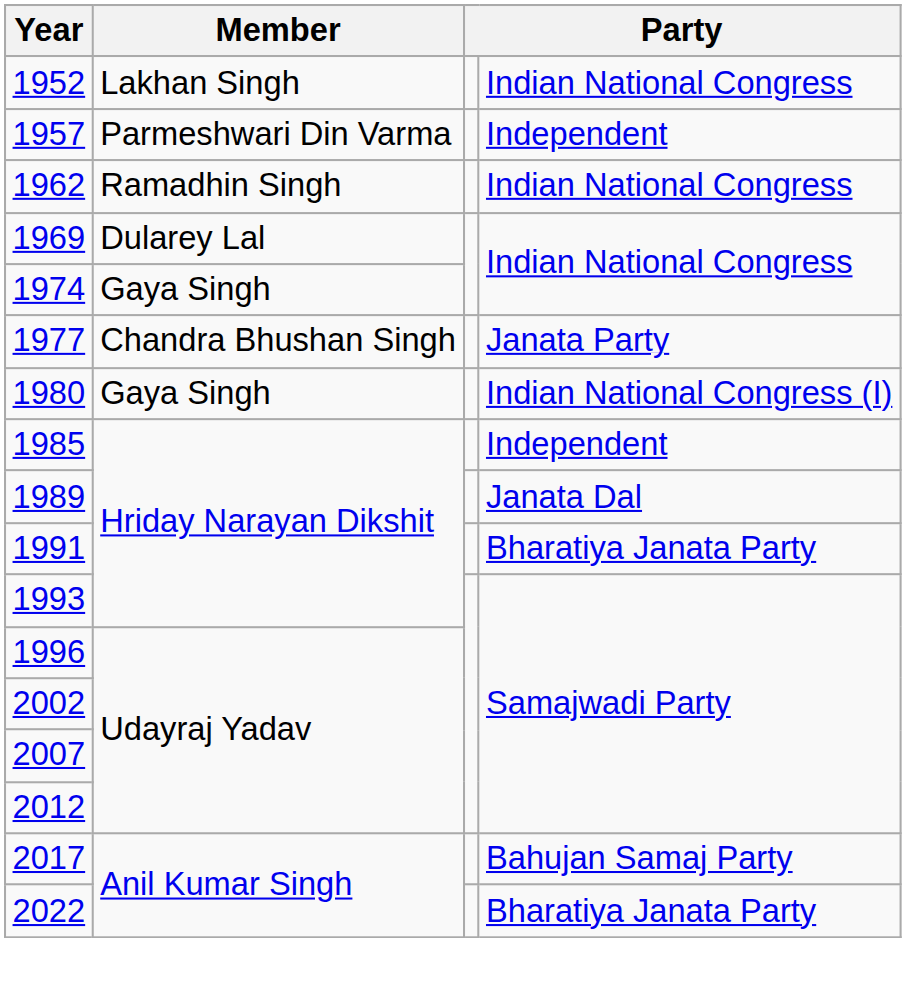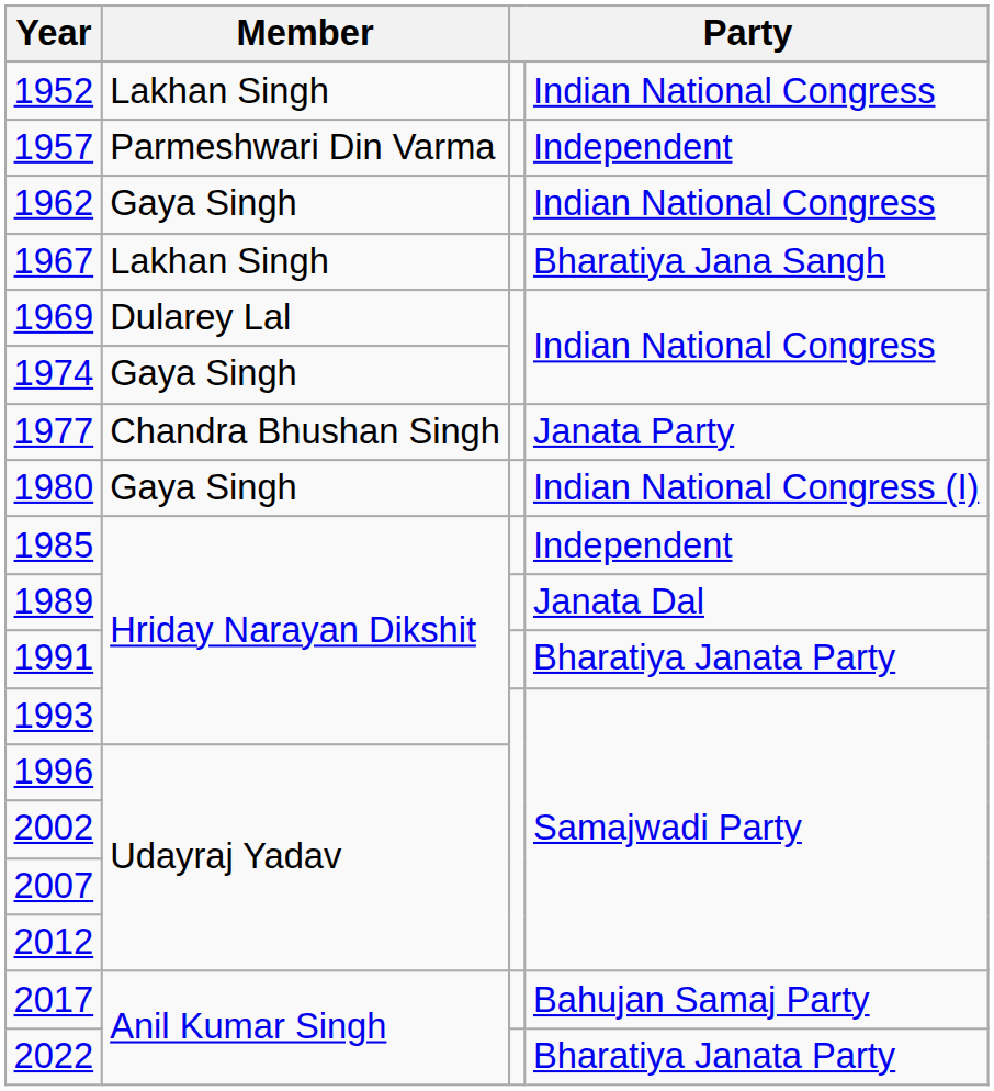 <table class="wikitable">
 <tr>
 <th>Year</th>
 <th>Member</th>
 <th colspan="2">Party</th>
 </tr>
 <tr>
 <td><a href='#'>1952</a></td>
 <td>Lakhan Singh</td>
 <td style="background-color: "></td>
 <td><a href='#'>Indian National Congress</a></td>
 </tr>
 <tr>
 <td><a href='#'>1957</a></td>
 <td>Parmeshwari Din Varma</td>
 <td style="background-color: "></td>
 <td><a href='#'>Independent</a></td>
 </tr>
 <tr>
 <td><a href='#'>1962</a></td>
-<td>Ramadhin Singh</td>
+<td>Gaya Singh</td>
 <td style="background-color: "></td>
 <td><a href='#'>Indian National Congress</a></td>
+</tr>
+<tr>
+<td><a href='#'>1967</a></td>
+<td>Lakhan Singh</td>
+<td style="background-color: "></td>
+<td><a href='#'>Bharatiya Jana Sangh</a></td>
 </tr>
 <tr>
 <td><a href='#'>1969</a></td>
 <td>Dularey Lal</td>
 <td rowspan="2" style="background-color: "></td>
 <td rowspan="2"><a href='#'>Indian National Congress</a></td>
 </tr>
 <tr>
 <td><a href='#'>1974</a></td>
 <td>Gaya Singh</td>
 </tr>
 <tr>
 <td><a href='#'>1977</a></td>
 <td>Chandra Bhushan Singh</td>
 <td style="background-color: "></td>
 <td><a href='#'>Janata Party</a></td>
 </tr>
 <tr>
 <td><a href='#'>1980</a></td>
 <td>Gaya Singh</td>
 <td style="background-color: "></td>
 <td><a href='#'>Indian National Congress (I)</a></td>
 </tr>
 <tr>
 <td><a href='#'>1985</a></td>
 <td rowspan="4"><a href='#'>Hriday Narayan Dikshit</a></td>
 <td style="background-color: "></td>
 <td><a href='#'>Independent</a></td>
 </tr>
 <tr>
 <td><a href='#'>1989</a></td>
 <td style="background-color: "></td>
 <td><a href='#'>Janata Dal</a></td>
 </tr>
 <tr>
 <td><a href='#'>1991</a></td>
 <td style="background-color: "></td>
 <td><a href='#'>Bharatiya Janata Party</a></td>
 </tr>
 <tr>
 <td><a href='#'>1993</a></td>
 <td rowspan="5" style="background-color: "></td>
 <td rowspan="5"><a href='#'>Samajwadi Party</a></td>
 </tr>
 <tr>
 <td><a href='#'>1996</a></td>
 <td rowspan="4">Udayraj Yadav</td>
 </tr>
 <tr>
 <td><a href='#'>2002</a></td>
 </tr>
 <tr>
 <td><a href='#'>2007</a></td>
 </tr>
 <tr>
 <td><a href='#'>2012</a></td>
 </tr>
 <tr>
 <td><a href='#'>2017</a></td>
 <td rowspan="2"><a href='#'>Anil Kumar Singh</a></td>
 <td style="background-color: "></td>
 <td><a href='#'>Bahujan Samaj Party</a></td>
 </tr>
 <tr>
 <td><a href='#'>2022</a></td>
 <td style="background-color: "></td>
 <td><a href='#'>Bharatiya Janata Party</a></td>
 </tr>
 </table>
